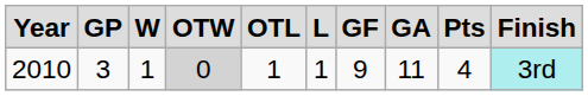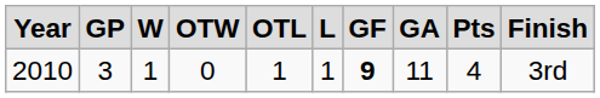 <table class="wikitable" style="text-align: center; font-size: 95%;">
 <tr style="font-size: xsmall; font-weight:bold; background-color:#dddddd;">
 <td>Year</td>
 <td>GP</td>
 <td>W</td>
 <td>OTW</td>
 <td>OTL</td>
 <td>L</td>
 <td>GF</td>
 <td>GA</td>
 <td>Pts</td>
 <td>Finish</td>
 </tr>
 <tr align="center">
 <td>2010</td>
 <td>3</td>
 <td>1</td>
-<td style="background: lightgrey;">0</td>
+<td>0</td>
 <td>1</td>
 <td>1</td>
-<td>9</td>
+<td><strong>9</strong></td>
 <td>11</td>
 <td>4</td>
-<td style="background: paleturquoise;">3rd</td>
+<td>3rd</td>
 </tr>
 </table>
